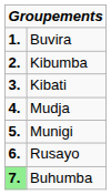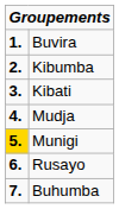 <table class="wikitable">
 <tr>
 <td colspan="2"><strong><em>Groupements</em></strong></td>
 </tr>
 <tr>
 <td><strong>1.</strong></td>
 <td>Buvira</td>
 </tr>
 <tr>
 <td><strong>2.</strong></td>
 <td>Kibumba</td>
 </tr>
 <tr>
 <td><strong>3.</strong></td>
 <td>Kibati</td>
 </tr>
 <tr>
 <td><strong>4.</strong></td>
 <td>Mudja</td>
 </tr>
 <tr>
-<td><strong>5.</strong></td>
+<td style="background: gold;"><strong>5.</strong></td>
 <td>Munigi</td>
 </tr>
 <tr>
 <td><strong>6.</strong></td>
 <td>Rusayo</td>
 </tr>
 <tr>
-<td style="background: lightgreen;"><strong>7.</strong></td>
+<td><strong>7.</strong></td>
 <td>Buhumba</td>
 </tr>
 </table>
